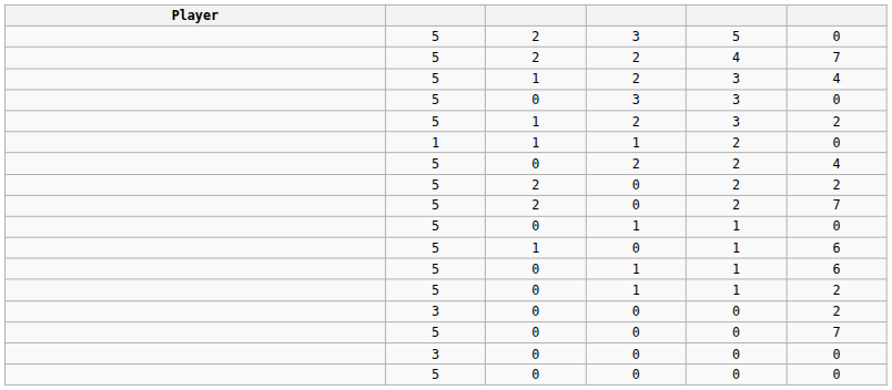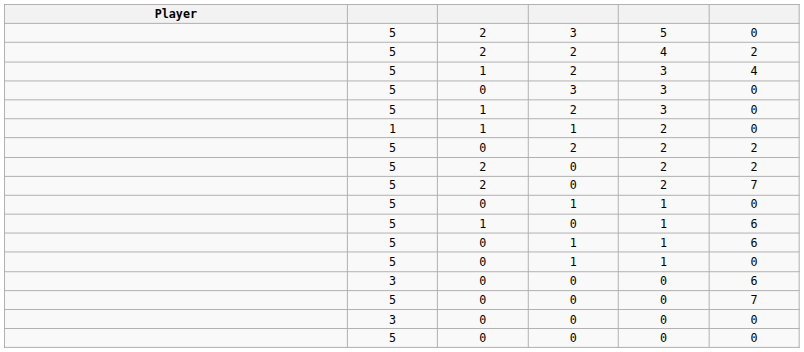 <table class="wikitable sortable" style="width:100%;">
 <tr align=center>
 <th>Player</th>
 <th></th>
 <th></th>
 <th></th>
 <th></th>
 <th></th>
 </tr>
 <tr align=center>
 <td></td>
 <td>5</td>
 <td>2</td>
 <td>3</td>
 <td>5</td>
 <td>0</td>
 </tr>
 <tr align=center>
 <td></td>
 <td>5</td>
 <td>2</td>
 <td>2</td>
 <td>4</td>
-<td>7</td>
+<td>2</td>
 </tr>
 <tr align=center>
 <td></td>
 <td>5</td>
 <td>1</td>
 <td>2</td>
 <td>3</td>
 <td>4</td>
 </tr>
 <tr align=center>
 <td></td>
 <td>5</td>
 <td>0</td>
 <td>3</td>
 <td>3</td>
 <td>0</td>
 </tr>
 <tr align=center>
 <td></td>
 <td>5</td>
 <td>1</td>
 <td>2</td>
 <td>3</td>
-<td>2</td>
+<td>0</td>
 </tr>
 <tr align=center>
 <td></td>
 <td>1</td>
 <td>1</td>
 <td>1</td>
 <td>2</td>
 <td>0</td>
 </tr>
 <tr align=center>
 <td></td>
 <td>5</td>
 <td>0</td>
 <td>2</td>
 <td>2</td>
-<td>4</td>
+<td>2</td>
 </tr>
 <tr align=center>
 <td></td>
 <td>5</td>
 <td>2</td>
 <td>0</td>
 <td>2</td>
 <td>2</td>
 </tr>
 <tr align=center>
 <td></td>
 <td>5</td>
 <td>2</td>
 <td>0</td>
 <td>2</td>
 <td>7</td>
 </tr>
 <tr align=center>
 <td></td>
 <td>5</td>
 <td>0</td>
 <td>1</td>
 <td>1</td>
 <td>0</td>
 </tr>
 <tr align=center>
 <td></td>
 <td>5</td>
 <td>1</td>
 <td>0</td>
 <td>1</td>
 <td>6</td>
 </tr>
 <tr align=center>
 <td></td>
 <td>5</td>
 <td>0</td>
 <td>1</td>
 <td>1</td>
 <td>6</td>
 </tr>
 <tr align=center>
 <td></td>
 <td>5</td>
 <td>0</td>
 <td>1</td>
 <td>1</td>
-<td>2</td>
+<td>0</td>
 </tr>
 <tr align=center>
 <td></td>
 <td>3</td>
 <td>0</td>
 <td>0</td>
 <td>0</td>
-<td>2</td>
+<td>6</td>
 </tr>
 <tr align=center>
 <td></td>
 <td>5</td>
 <td>0</td>
 <td>0</td>
 <td>0</td>
 <td>7</td>
 </tr>
 <tr align=center>
 <td></td>
 <td>3</td>
 <td>0</td>
 <td>0</td>
 <td>0</td>
 <td>0</td>
 </tr>
 <tr align=center>
 <td></td>
 <td>5</td>
 <td>0</td>
 <td>0</td>
 <td>0</td>
 <td>0</td>
 </tr>
 </table>
